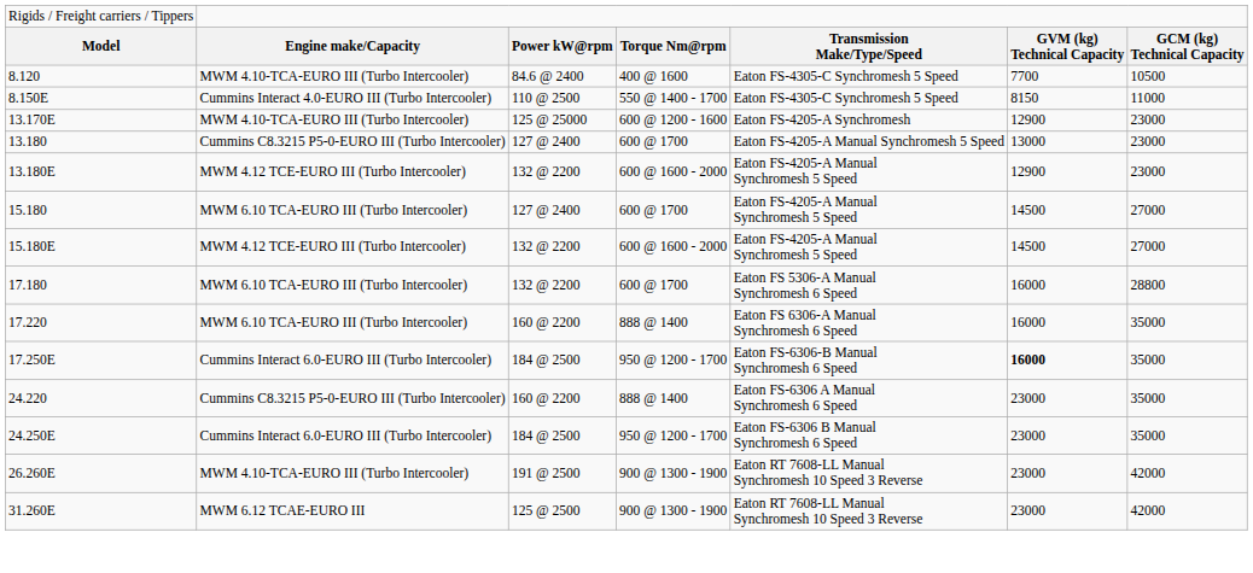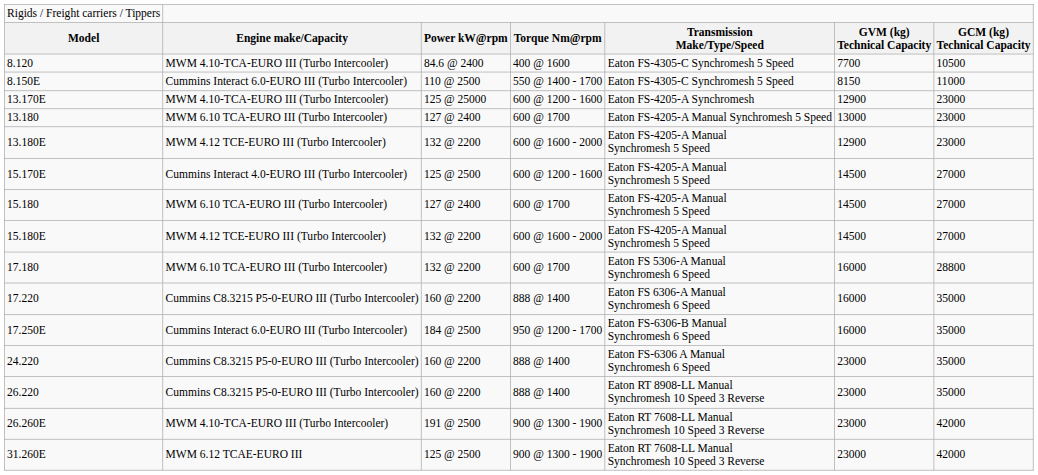 <table class="wikitable">
 <tr>
 <td>Rigids / Freight carriers / Tippers</td>
 </tr>
 <tr>
 <th>Model</th>
 <th>Engine make/Capacity</th>
 <th>Power kW@rpm</th>
 <th>Torque Nm@rpm</th>
 <th>Transmission<br>Make/Type/Speed</th>
 <th>GVM (kg)<br>Technical Capacity</th>
 <th>GCM (kg)<br>Technical Capacity</th>
 </tr>
 <tr>
 <td>8.120</td>
 <td>MWM 4.10-TCA-EURO III (Turbo Intercooler)</td>
 <td>84.6 @ 2400</td>
 <td>400 @ 1600</td>
 <td>Eaton FS-4305-C  Synchromesh 5 Speed</td>
 <td>7700</td>
 <td>10500</td>
 </tr>
 <tr>
 <td>8.150E</td>
-<td>Cummins Interact 4.0-EURO III (Turbo Intercooler)</td>
+<td>Cummins Interact 6.0-EURO III (Turbo Intercooler)</td>
 <td>110 @ 2500</td>
 <td>550 @ 1400 - 1700</td>
 <td>Eaton FS-4305-C Synchromesh 5 Speed</td>
 <td>8150</td>
 <td>11000</td>
 </tr>
 <tr>
 <td>13.170E</td>
 <td>MWM 4.10-TCA-EURO III (Turbo Intercooler)</td>
 <td>125 @ 25000</td>
 <td>600 @ 1200 - 1600</td>
 <td>Eaton FS-4205-A Synchromesh</td>
 <td>12900</td>
 <td>23000</td>
 </tr>
 <tr>
 <td>13.180</td>
-<td>Cummins C8.3215 P5-0-EURO III (Turbo Intercooler)</td>
+<td>MWM 6.10 TCA-EURO III (Turbo Intercooler)</td>
 <td>127 @ 2400</td>
 <td>600 @ 1700</td>
 <td>Eaton FS-4205-A Manual Synchromesh 5 Speed</td>
 <td>13000</td>
 <td>23000</td>
 </tr>
 <tr>
 <td>13.180E</td>
 <td>MWM 4.12 TCE-EURO III (Turbo Intercooler)</td>
 <td>132 @ 2200</td>
 <td>600 @ 1600 - 2000</td>
 <td>Eaton FS-4205-A Manual<br>Synchromesh 5 Speed</td>
 <td>12900</td>
 <td>23000</td>
+</tr>
+<tr>
+<td>15.170E</td>
+<td>Cummins Interact 4.0-EURO III (Turbo Intercooler)</td>
+<td>125 @ 2500</td>
+<td>600 @ 1200 - 1600</td>
+<td>Eaton FS-4205-A Manual<br>Synchromesh 5 Speed</td>
+<td>14500</td>
+<td>27000</td>
 </tr>
 <tr>
 <td>15.180</td>
 <td>MWM 6.10 TCA-EURO III (Turbo Intercooler)</td>
 <td>127 @ 2400</td>
 <td>600 @ 1700</td>
 <td>Eaton FS-4205-A Manual<br>Synchromesh 5 Speed</td>
 <td>14500</td>
 <td>27000</td>
 </tr>
 <tr>
 <td>15.180E</td>
 <td>MWM 4.12 TCE-EURO III (Turbo Intercooler)</td>
 <td>132 @ 2200</td>
 <td>600 @ 1600 - 2000</td>
 <td>Eaton FS-4205-A Manual<br>Synchromesh 5 Speed</td>
 <td>14500</td>
 <td>27000</td>
 </tr>
 <tr>
 <td>17.180</td>
 <td>MWM 6.10 TCA-EURO III (Turbo Intercooler)</td>
 <td>132 @ 2200</td>
 <td>600 @ 1700</td>
 <td>Eaton FS 5306-A Manual<br>Synchromesh 6 Speed</td>
 <td>16000</td>
 <td>28800</td>
 </tr>
 <tr>
 <td>17.220</td>
-<td>MWM 6.10 TCA-EURO III (Turbo Intercooler)</td>
+<td>Cummins C8.3215 P5-0-EURO III (Turbo Intercooler)</td>
 <td>160 @ 2200</td>
 <td>888 @ 1400</td>
 <td>Eaton FS 6306-A Manual<br>Synchromesh 6 Speed</td>
 <td>16000</td>
 <td>35000</td>
 </tr>
 <tr>
 <td>17.250E</td>
 <td>Cummins Interact 6.0-EURO III (Turbo Intercooler)</td>
 <td>184 @ 2500</td>
 <td>950 @ 1200 - 1700</td>
 <td>Eaton FS-6306-B  Manual<br>Synchromesh 6 Speed</td>
-<td><strong>16000</strong></td>
+<td>16000</td>
 <td>35000</td>
 </tr>
 <tr>
 <td>24.220</td>
 <td>Cummins C8.3215 P5-0-EURO III (Turbo Intercooler)</td>
 <td>160 @ 2200</td>
 <td>888 @ 1400</td>
 <td>Eaton FS-6306 A  Manual<br>Synchromesh 6 Speed</td>
 <td>23000</td>
 <td>35000</td>
 </tr>
 <tr>
-<td>24.250E</td>
-<td>Cummins Interact 6.0-EURO III (Turbo Intercooler)</td>
-<td>184 @ 2500</td>
-<td>950 @ 1200 - 1700</td>
-<td>Eaton FS-6306 B Manual<br>Synchromesh 6 Speed</td>
+<td>26.220</td>
+<td>Cummins C8.3215 P5-0-EURO III (Turbo Intercooler)</td>
+<td>160 @ 2200</td>
+<td>888 @ 1400</td>
+<td>Eaton RT 8908-LL Manual<br>Synchromesh 10 Speed 3 Reverse</td>
 <td>23000</td>
 <td>35000</td>
 </tr>
 <tr>
 <td>26.260E</td>
 <td>MWM 4.10-TCA-EURO III (Turbo Intercooler)</td>
 <td>191 @ 2500</td>
 <td>900 @ 1300 - 1900</td>
 <td>Eaton RT 7608-LL Manual<br>Synchromesh 10 Speed 3 Reverse</td>
 <td>23000</td>
 <td>42000</td>
 </tr>
 <tr>
 <td>31.260E</td>
 <td>MWM 6.12 TCAE-EURO III</td>
 <td>125 @ 2500</td>
 <td>900 @ 1300 - 1900</td>
 <td>Eaton RT 7608-LL Manual<br>Synchromesh 10 Speed 3 Reverse</td>
 <td>23000</td>
 <td>42000</td>
 </tr>
 </table>
